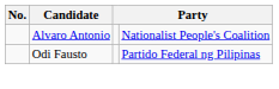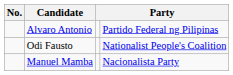 <table class="wikitable sortable" style="text-align:left;">
 <tr>
 <th>No.</th>
 <th>Candidate</th>
 <th colspan="2">Party</th>
 </tr>
 <tr>
 <td></td>
 <td><a href='#'>Alvaro Antonio</a></td>
 <td></td>
-<td><a href='#'>Nationalist People's Coalition</a></td>
+<td><a href='#'>Partido Federal ng Pilipinas</a></td>
 </tr>
 <tr>
 <td></td>
 <td>Odi Fausto</td>
 <td></td>
-<td><a href='#'>Partido Federal ng Pilipinas</a></td>
+<td><a href='#'>Nationalist People's Coalition</a></td>
+</tr>
+<tr>
+<td></td>
+<td><a href='#'>Manuel Mamba</a></td>
+<td></td>
+<td><a href='#'>Nacionalista Party</a></td>
 </tr>
 </table>
